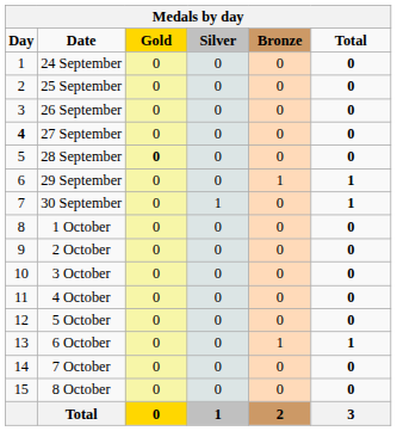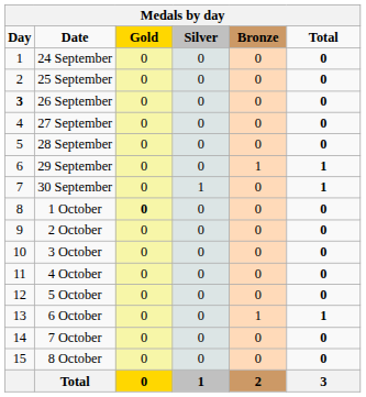 <table class="wikitable" style=text-align:center;">
 <tr style="background:#efefef;">
 <th colspan=6>Medals by day</th>
 </tr>
 <tr>
 <td><strong>Day</strong></td>
 <td><strong>Date</strong></td>
 <td width=60 style="background:gold;"><strong>Gold </strong></td>
 <td width=60 style="background:silver;"><strong>Silver </strong></td>
 <td width=60 style="background:#c96;"><strong>Bronze </strong></td>
 <td width=80><strong>Total</strong></td>
 </tr>
 <tr>
 <td>1</td>
 <td>24 September</td>
 <td style="background:#F7F6A8">0</td>
 <td style="background:#DCE5E5">0</td>
 <td style="background:#FFDAB9">0</td>
 <td><strong>0</strong></td>
 </tr>
 <tr>
 <td>2</td>
 <td>25 September</td>
 <td style="background:#F7F6A8">0</td>
 <td style="background:#DCE5E5">0</td>
 <td style="background:#FFDAB9">0</td>
 <td><strong>0</strong></td>
 </tr>
 <tr>
-<td>3</td>
+<td><strong>3</strong></td>
 <td>26 September</td>
 <td style="background:#F7F6A8">0</td>
 <td style="background:#DCE5E5">0</td>
 <td style="background:#FFDAB9">0</td>
 <td><strong>0</strong></td>
 </tr>
 <tr>
-<td><strong>4</strong></td>
+<td>4</td>
 <td>27 September</td>
 <td style="background:#F7F6A8">0</td>
 <td style="background:#DCE5E5">0</td>
 <td style="background:#FFDAB9">0</td>
 <td><strong>0</strong></td>
 </tr>
 <tr>
 <td>5</td>
 <td>28 September</td>
-<td style="background:#F7F6A8"><strong>0</strong></td>
+<td style="background:#F7F6A8">0</td>
 <td style="background:#DCE5E5">0</td>
 <td style="background:#FFDAB9">0</td>
 <td><strong>0</strong></td>
 </tr>
 <tr>
 <td>6</td>
 <td>29 September</td>
 <td style="background:#F7F6A8">0</td>
 <td style="background:#DCE5E5">0</td>
 <td style="background:#FFDAB9">1</td>
 <td><strong>1</strong></td>
 </tr>
 <tr>
 <td>7</td>
 <td>30 September</td>
 <td style="background:#F7F6A8">0</td>
 <td style="background:#DCE5E5">1</td>
 <td style="background:#FFDAB9">0</td>
 <td><strong>1</strong></td>
 </tr>
 <tr>
 <td>8</td>
 <td>1 October</td>
-<td style="background:#F7F6A8">0</td>
+<td style="background:#F7F6A8"><strong>0</strong></td>
 <td style="background:#DCE5E5">0</td>
 <td style="background:#FFDAB9">0</td>
 <td><strong>0</strong></td>
 </tr>
 <tr>
 <td>9</td>
 <td>2 October</td>
 <td style="background:#F7F6A8">0</td>
 <td style="background:#DCE5E5">0</td>
 <td style="background:#FFDAB9">0</td>
 <td><strong>0</strong></td>
 </tr>
 <tr>
 <td>10</td>
 <td>3 October</td>
 <td style="background:#F7F6A8">0</td>
 <td style="background:#DCE5E5">0</td>
 <td style="background:#FFDAB9">0</td>
 <td><strong>0</strong></td>
 </tr>
 <tr>
 <td>11</td>
 <td>4 October</td>
 <td style="background:#F7F6A8">0</td>
 <td style="background:#DCE5E5">0</td>
 <td style="background:#FFDAB9">0</td>
 <td><strong>0</strong></td>
 </tr>
 <tr>
 <td>12</td>
 <td>5 October</td>
 <td style="background:#F7F6A8">0</td>
 <td style="background:#DCE5E5">0</td>
 <td style="background:#FFDAB9">0</td>
 <td><strong>0</strong></td>
 </tr>
 <tr>
 <td>13</td>
 <td>6 October</td>
 <td style="background:#F7F6A8">0</td>
 <td style="background:#DCE5E5">0</td>
 <td style="background:#FFDAB9">1</td>
 <td><strong>1</strong></td>
 </tr>
 <tr>
 <td>14</td>
 <td>7 October</td>
 <td style="background:#F7F6A8">0</td>
 <td style="background:#DCE5E5">0</td>
 <td style="background:#FFDAB9">0</td>
 <td><strong>0</strong></td>
 </tr>
 <tr>
 <td>15</td>
 <td>8 October</td>
 <td style="background:#F7F6A8">0</td>
 <td style="background:#DCE5E5">0</td>
 <td style="background:#FFDAB9">0</td>
 <td><strong>0</strong></td>
 </tr>
 <tr>
 <th></th>
 <th>Total</th>
 <th style="background:gold;">0</th>
 <th style="background:silver;">1</th>
 <th style="background:#c96;">2</th>
 <th>3</th>
 </tr>
 </table>
